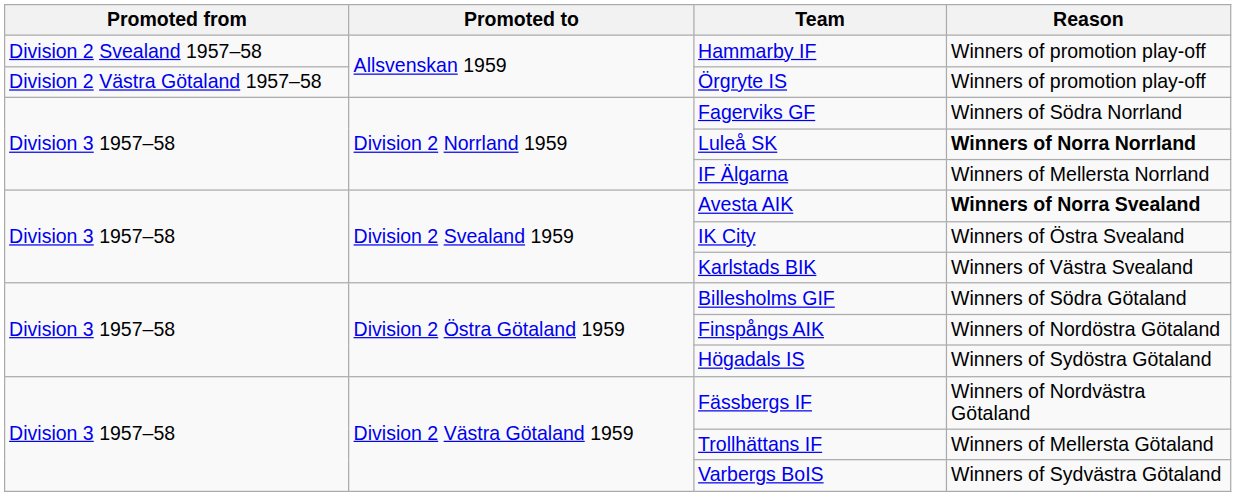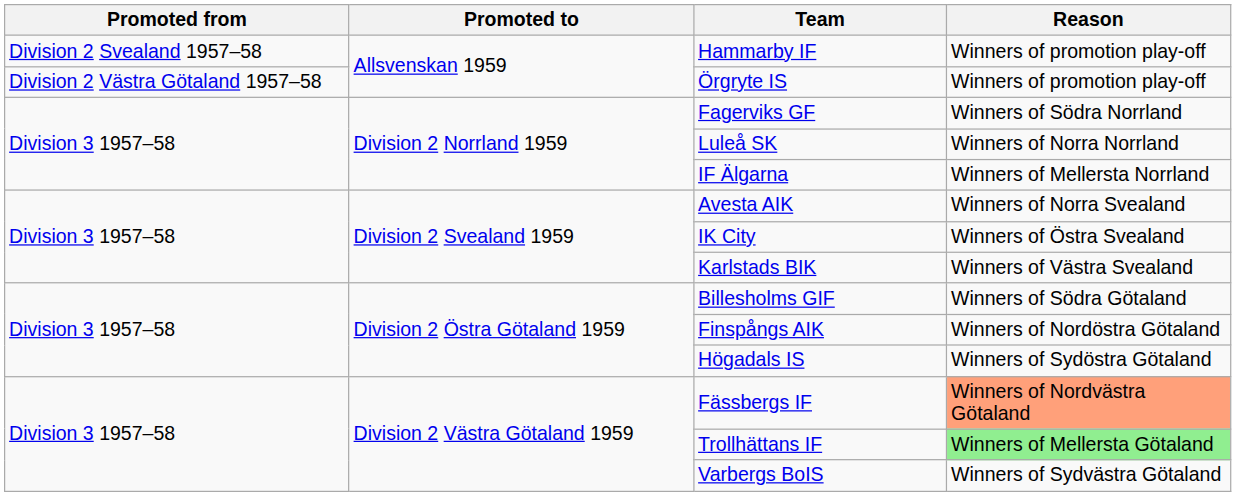 <table class="wikitable" style="text-align: left;">
 <tr>
 <th style="width: 275px;">Promoted from</th>
 <th style="width: 275px;">Promoted to</th>
 <th style="width: 200px;">Team</th>
 <th style="width: 225px;">Reason</th>
 </tr>
 <tr>
 <td><a href='#'>Division 2</a> <a href='#'>Svealand</a> 1957–58</td>
 <td rowspan=2><a href='#'>Allsvenskan</a> 1959</td>
 <td><a href='#'>Hammarby IF</a></td>
 <td>Winners of promotion play-off</td>
 </tr>
 <tr>
 <td><a href='#'>Division 2</a> <a href='#'>Västra Götaland</a> 1957–58</td>
 <td><a href='#'>Örgryte IS</a></td>
 <td>Winners of promotion play-off</td>
 </tr>
 <tr>
 <td rowspan=3><a href='#'>Division 3</a> 1957–58</td>
 <td rowspan=3><a href='#'>Division 2</a> <a href='#'>Norrland</a> 1959</td>
 <td><a href='#'>Fagerviks GF</a></td>
 <td>Winners of Södra Norrland</td>
 </tr>
 <tr>
 <td><a href='#'>Luleå SK</a></td>
-<td><strong>Winners of Norra Norrland</strong></td>
+<td>Winners of Norra Norrland</td>
 </tr>
 <tr>
 <td><a href='#'>IF Älgarna</a></td>
 <td>Winners of Mellersta Norrland</td>
 </tr>
 <tr>
 <td rowspan=3><a href='#'>Division 3</a> 1957–58</td>
 <td rowspan=3><a href='#'>Division 2</a> <a href='#'>Svealand</a> 1959</td>
 <td><a href='#'>Avesta AIK</a></td>
-<td><strong>Winners of Norra Svealand</strong></td>
+<td>Winners of Norra Svealand</td>
 </tr>
 <tr>
 <td><a href='#'>IK City</a></td>
 <td>Winners of Östra Svealand</td>
 </tr>
 <tr>
 <td><a href='#'>Karlstads BIK</a></td>
 <td>Winners of Västra Svealand</td>
 </tr>
 <tr>
 <td rowspan=3><a href='#'>Division 3</a> 1957–58</td>
 <td rowspan=3><a href='#'>Division 2</a> <a href='#'>Östra Götaland</a> 1959</td>
 <td><a href='#'>Billesholms GIF</a></td>
 <td>Winners of Södra Götaland</td>
 </tr>
 <tr>
 <td><a href='#'>Finspångs AIK</a></td>
 <td>Winners of Nordöstra Götaland</td>
 </tr>
 <tr>
 <td><a href='#'>Högadals IS</a></td>
 <td>Winners of Sydöstra Götaland</td>
 </tr>
 <tr>
 <td rowspan=3><a href='#'>Division 3</a> 1957–58</td>
 <td rowspan=3><a href='#'>Division 2</a> <a href='#'>Västra Götaland</a> 1959</td>
 <td><a href='#'>Fässbergs IF</a></td>
-<td>Winners of Nordvästra Götaland</td>
+<td style="background: lightsalmon;">Winners of Nordvästra Götaland</td>
 </tr>
 <tr>
 <td><a href='#'>Trollhättans IF</a></td>
-<td>Winners of Mellersta Götaland</td>
+<td style="background: lightgreen;">Winners of Mellersta Götaland</td>
 </tr>
 <tr>
 <td><a href='#'>Varbergs BoIS</a></td>
 <td>Winners of Sydvästra Götaland</td>
 </tr>
 </table>
